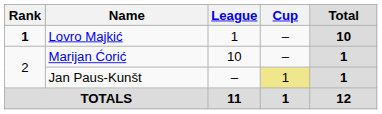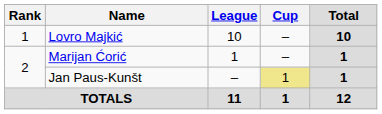 <table class="wikitable" style="font-size: 95%; text-align: center;">
 <tr>
 <th width=40>Rank</th>
 <th width=180>Name</th>
 <th width=50><a href='#'>League</a></th>
 <th width=50><a href='#'>Cup</a></th>
 <th width=70 style="background: #DCDCDC">Total</th>
 </tr>
 <tr>
-<td><strong>1</strong></td>
+<td>1</td>
 <td style="text-align:left;"> <a href='#'>Lovro Majkić</a></td>
-<td>1</td>
+<td>10</td>
 <td>–</td>
 <th style="background: #DCDCDC">10</th>
 </tr>
 <tr>
 <td rowspan=2>2</td>
 <td style="text-align:left;"> <a href='#'>Marijan Ćorić</a></td>
-<td>10</td>
+<td>1</td>
 <td>–</td>
 <th style="background: #DCDCDC">1</th>
 </tr>
 <tr>
 <td style="text-align:left;"> Jan Paus-Kunšt</td>
 <td>–</td>
 <td style="background: khaki;">1</td>
 <th style="background: #DCDCDC">1</th>
 </tr>
 <tr>
 <th colspan="2" align="center" style="background: #DCDCDC">TOTALS</th>
 <th style="background: #DCDCDC">11</th>
 <th style="background: #DCDCDC">1</th>
 <th style="background: #DCDCDC">12</th>
 </tr>
 </table>
